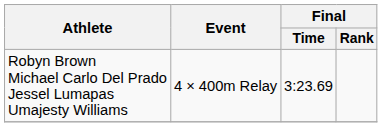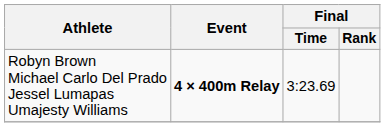 <table class="wikitable" style="font-size:90%; text-align:center">
 <tr>
 <th rowspan=2>Athlete</th>
 <th rowspan=2>Event</th>
 <th colspan=2>Final</th>
 </tr>
 <tr style="font-size:95%">
 <th>Time</th>
 <th>Rank</th>
 </tr>
 <tr align=center>
 <td align=left>Robyn Brown<br>Michael Carlo Del Prado<br>Jessel Lumapas<br>Umajesty Williams</td>
-<td align=center>4 × 400m Relay</td>
+<td align=center><strong>4 × 400m Relay</strong></td>
 <td>3:23.69</td>
 <td></td>
 </tr>
 <tr>
 </tr>
 </table>
